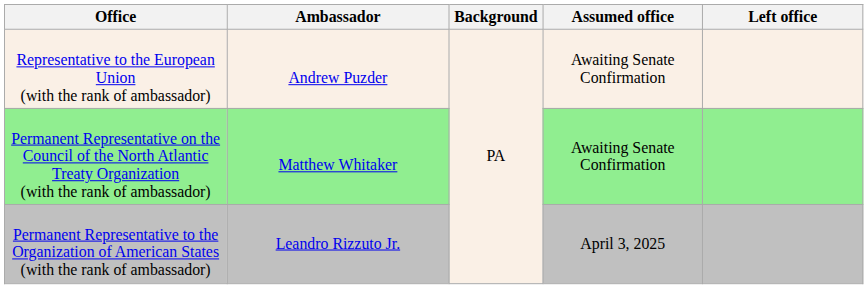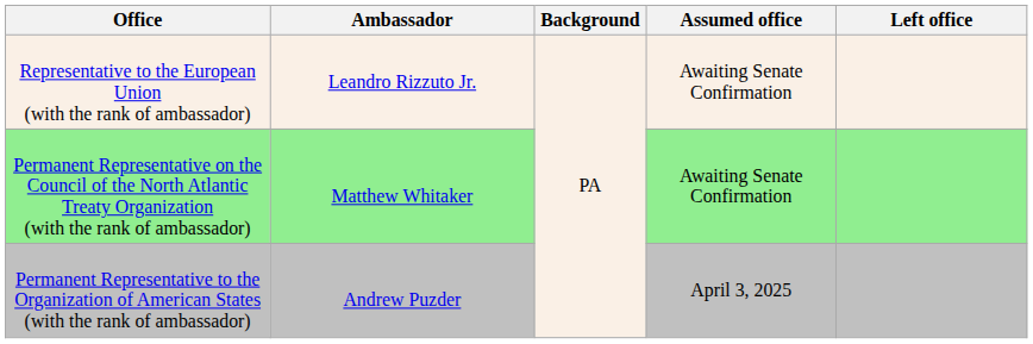 <table class="wikitable sortable" style="text-align:center">
 <tr>
 <th style="width:25%;">Office</th>
 <th style="width:25%;">Ambassador</th>
 <th style="width:10%;">Background</th>
 <th style="width:18%;" data-sort-="" type="date">Assumed office</th>
 <th style="width:18%;" data-sort-="" type="date">Left office</th>
 </tr>
 <tr style="background:linen">
 <td><br><a href='#'>Representative to the European Union</a><br>(with the rank of ambassador)</td>
-<td><br><a href='#'>Andrew Puzder</a></td>
+<td><a href='#'>Leandro Rizzuto Jr.</a></td>
 <td rowspan=3>PA</td>
 <td>Awaiting Senate Confirmation</td>
 <td></td>
 </tr>
 <tr style="background:lightgreen">
 <td><br><a href='#'>Permanent Representative on the Council of the North Atlantic Treaty Organization</a><br>(with the rank of ambassador)</td>
 <td><br><a href='#'>Matthew Whitaker</a></td>
 <td>Awaiting Senate Confirmation</td>
 <td></td>
 </tr>
 <tr style="background:#C0C0C0">
 <td><br><a href='#'>Permanent Representative to the Organization of American States</a><br>(with the rank of ambassador)</td>
-<td><a href='#'>Leandro Rizzuto Jr.</a></td>
+<td><br><a href='#'>Andrew Puzder</a></td>
 <td>April 3, 2025<br></td>
 <td></td>
 </tr>
 </table>
